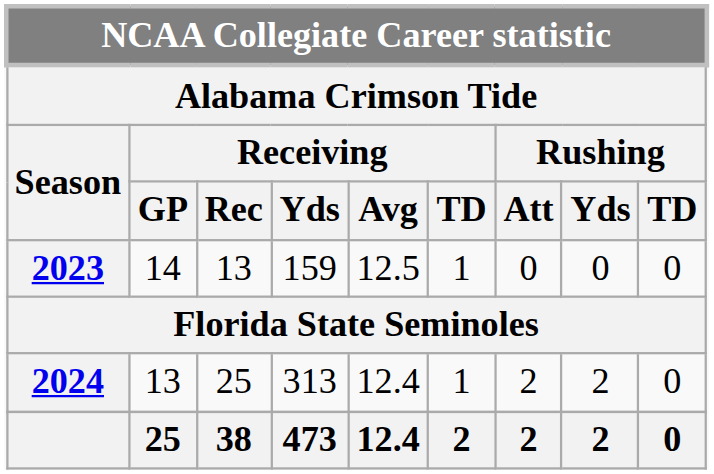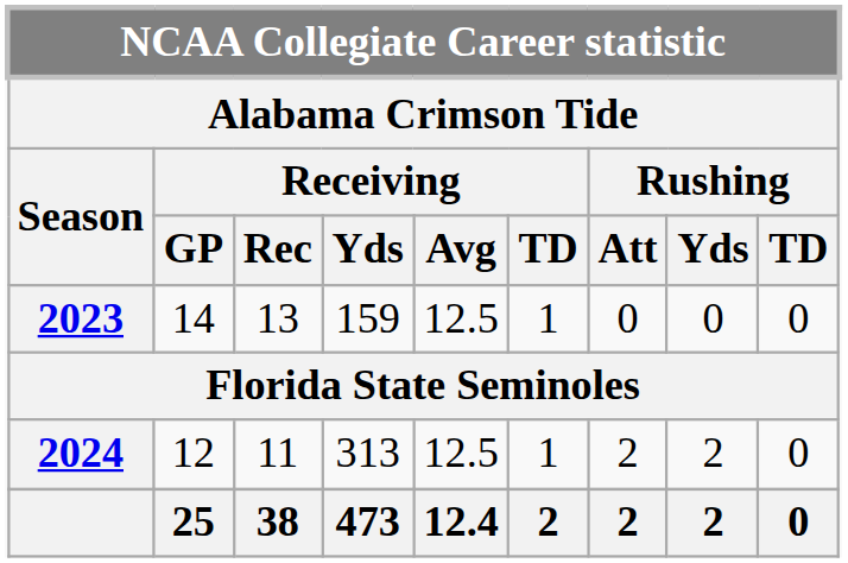 <table class=wikitable style="text-align:center;">
 <tr>
 <th colspan="10" style="background:gray; border:2px solid silver; color:white;">NCAA Collegiate Career statistic</th>
 </tr>
 <tr>
 <th colspan="10">Alabama Crimson Tide</th>
 </tr>
 <tr>
 <th rowspan="2">Season</th>
 <th colspan="5">Receiving</th>
 <th colspan="3">Rushing</th>
 </tr>
 <tr>
 <th>GP</th>
 <th>Rec</th>
 <th>Yds</th>
 <th>Avg</th>
 <th>TD</th>
 <th>Att</th>
 <th>Yds</th>
 <th>TD</th>
 </tr>
 <tr>
 <th><a href='#'>2023</a></th>
 <td>14</td>
 <td>13</td>
 <td>159</td>
 <td>12.5</td>
 <td>1</td>
 <td>0</td>
 <td>0</td>
 <td>0</td>
 </tr>
 <tr>
 <th colspan="10">Florida State Seminoles</th>
 </tr>
 <tr>
 <th><a href='#'>2024</a></th>
-<td>13</td>
-<td>25</td>
+<td>12</td>
+<td>11</td>
 <td>313</td>
-<td>12.4</td>
+<td>12.5</td>
 <td>1</td>
 <td>2</td>
 <td>2</td>
 <td>0</td>
 </tr>
 <tr>
 </tr>
 <tr>
 <th></th>
 <th>25</th>
 <th>38</th>
 <th>473</th>
 <th>12.4</th>
 <th>2</th>
 <th>2</th>
 <th>2</th>
 <th>0</th>
 </tr>
 </table>
